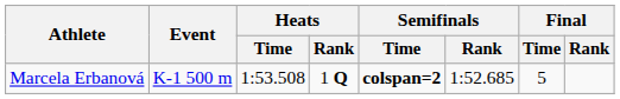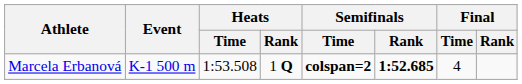 <table class="wikitable" style="font-size:90%">
 <tr>
 <th rowspan=2>Athlete</th>
 <th rowspan=2>Event</th>
 <th colspan=2>Heats</th>
 <th colspan=2>Semifinals</th>
 <th colspan=2>Final</th>
 </tr>
 <tr style="font-size:95%">
 <th>Time</th>
 <th>Rank</th>
 <th>Time</th>
 <th>Rank</th>
 <th>Time</th>
 <th>Rank</th>
 </tr>
 <tr align=center>
 <td align=left><a href='#'>Marcela Erbanová</a></td>
 <td align=left><a href='#'>K-1 500 m</a></td>
 <td>1:53.508</td>
 <td>1 <strong>Q</strong></td>
 <td><strong>colspan=2 </strong></td>
-<td>1:52.685</td>
-<td>5</td>
+<td><strong>1:52.685</strong></td>
+<td>4</td>
 </tr>
 </table>
